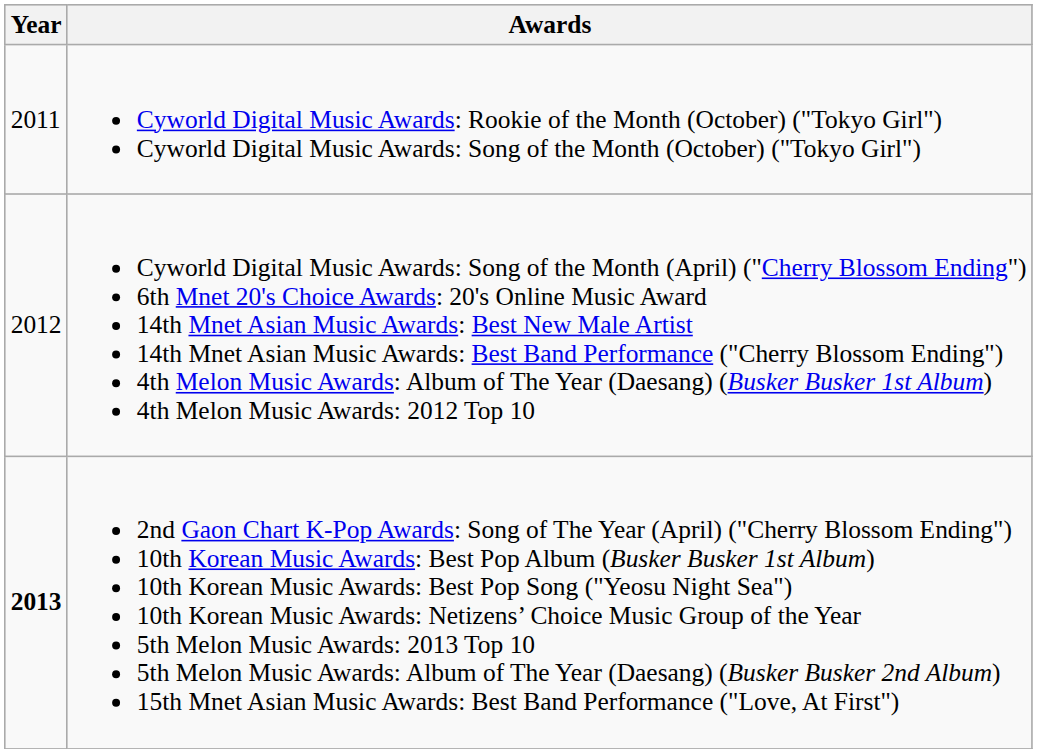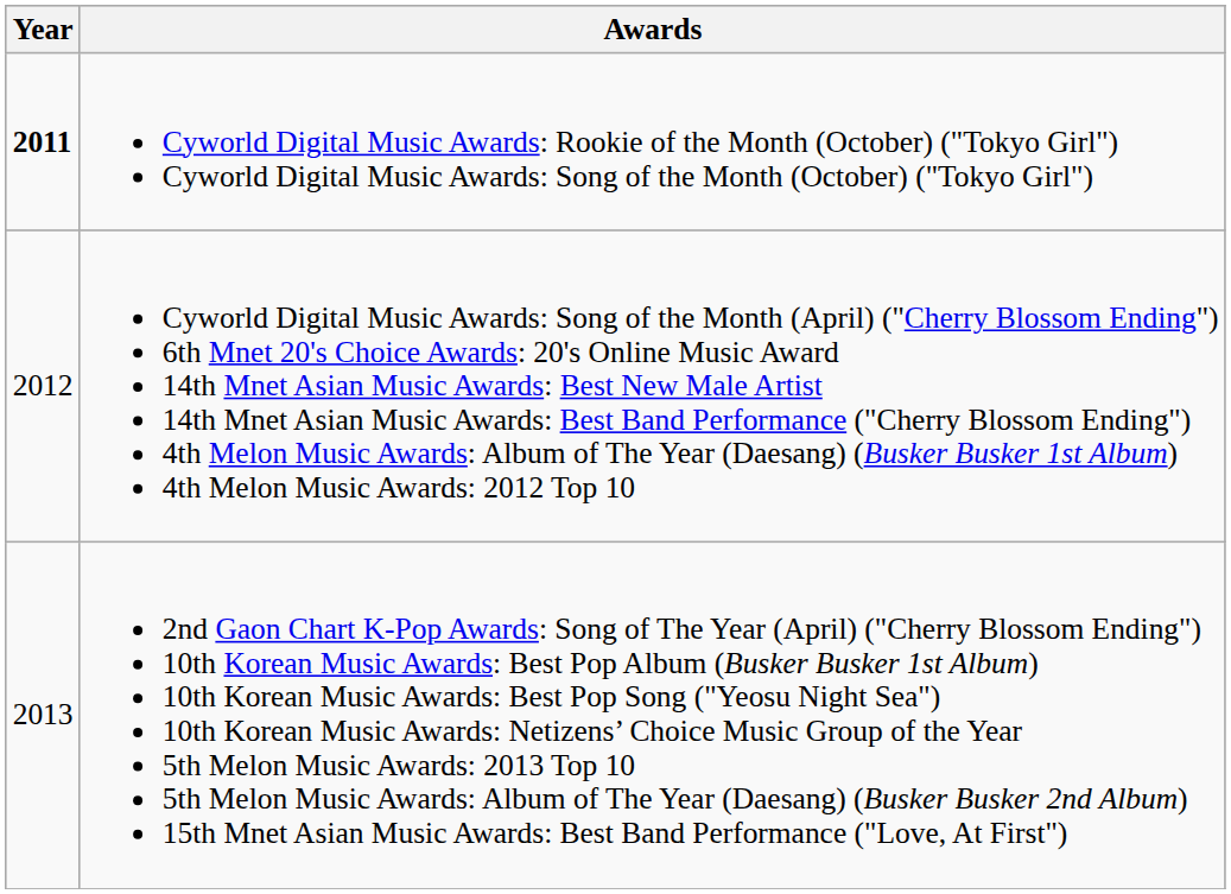 <table class="wikitable">
 <tr>
 <th>Year</th>
 <th>Awards</th>
 </tr>
 <tr>
-<td>2011</td>
+<td><strong>2011</strong></td>
 <td><br><ul><li><a href='#'>Cyworld Digital Music Awards</a>: Rookie of the Month (October) ("Tokyo Girl") </li><li>Cyworld Digital Music Awards: Song of the Month (October) ("Tokyo Girl") </li></ul></td>
 </tr>
 <tr>
 <td>2012</td>
 <td><br><ul><li>Cyworld Digital Music Awards: Song of the Month (April) ("<a href='#'>Cherry Blossom Ending</a>") </li><li>6th <a href='#'>Mnet 20's Choice Awards</a>: 20's Online Music Award</li><li>14th <a href='#'>Mnet Asian Music Awards</a>: <a href='#'>Best New Male Artist</a></li><li>14th Mnet Asian Music Awards: <a href='#'>Best Band Performance</a> ("Cherry Blossom Ending")</li><li>4th <a href='#'>Melon Music Awards</a>: Album of The Year (Daesang) (<em><a href='#'>Busker Busker 1st Album</a></em>)</li><li>4th Melon Music Awards: 2012 Top 10 </li></ul></td>
 </tr>
 <tr>
-<td><strong>2013</strong></td>
+<td>2013</td>
 <td><br><ul><li>2nd <a href='#'>Gaon Chart K-Pop Awards</a>: Song of The Year (April) ("Cherry Blossom Ending") </li><li>10th <a href='#'>Korean Music Awards</a>: Best Pop Album (<em>Busker Busker 1st Album</em>) </li><li>10th Korean Music Awards: Best Pop Song ("Yeosu Night Sea")  </li><li>10th Korean Music Awards: Netizens’ Choice Music Group of the Year  </li><li>5th Melon Music Awards: 2013 Top 10</li><li>5th Melon Music Awards: Album of The Year (Daesang) (<em>Busker Busker 2nd Album</em>)</li><li>15th Mnet Asian Music Awards: Best Band Performance ("Love, At First")</li></ul></td>
 </tr>
 </table>
